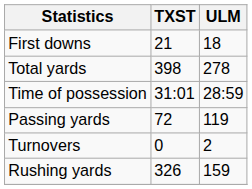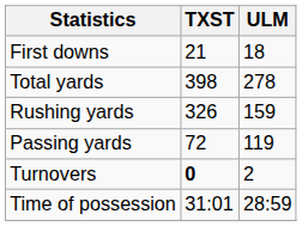 <table class="wikitable" style="float: left;">
 <tr>
 <th>Statistics</th>
 <th>TXST</th>
 <th>ULM</th>
 </tr>
 <tr>
 <td>First downs</td>
 <td>21</td>
 <td>18</td>
 </tr>
 <tr>
 <td>Total yards</td>
 <td>398</td>
 <td>278</td>
 </tr>
 <tr>
-<td>Time of possession</td>
-<td>31:01</td>
-<td>28:59</td>
+<td>Rushing yards</td>
+<td>326</td>
+<td>159</td>
 </tr>
 <tr>
 <td>Passing yards</td>
 <td>72</td>
 <td>119</td>
 </tr>
 <tr>
 <td>Turnovers</td>
-<td>0</td>
+<td><strong>0</strong></td>
 <td>2</td>
 </tr>
 <tr>
-<td>Rushing yards</td>
-<td>326</td>
-<td>159</td>
+<td>Time of possession</td>
+<td>31:01</td>
+<td>28:59</td>
 </tr>
 <tr>
 </tr>
 </table>
